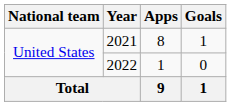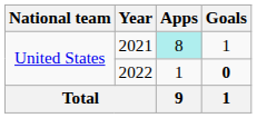 <table class="wikitable" style="text-align:center">
 <tr>
 <th>National team</th>
 <th>Year</th>
 <th>Apps</th>
 <th>Goals</th>
 </tr>
 <tr>
 <td rowspan="2"><a href='#'>United States</a></td>
 <td>2021</td>
-<td>8</td>
+<td style="background: paleturquoise;">8</td>
 <td>1</td>
 </tr>
 <tr>
 <td>2022</td>
 <td>1</td>
-<td>0</td>
+<td><strong>0</strong></td>
 </tr>
 <tr>
 <th colspan="2">Total</th>
 <th>9</th>
 <th>1</th>
 </tr>
 </table>
